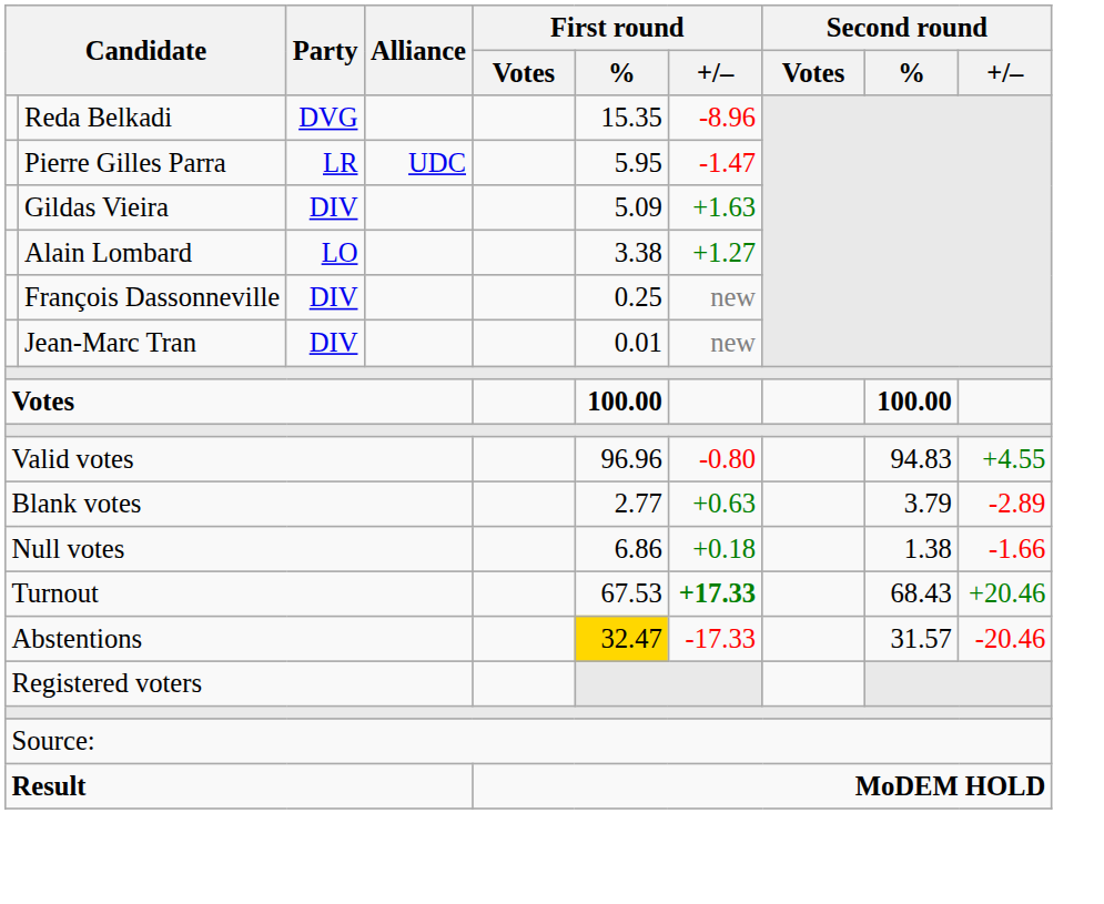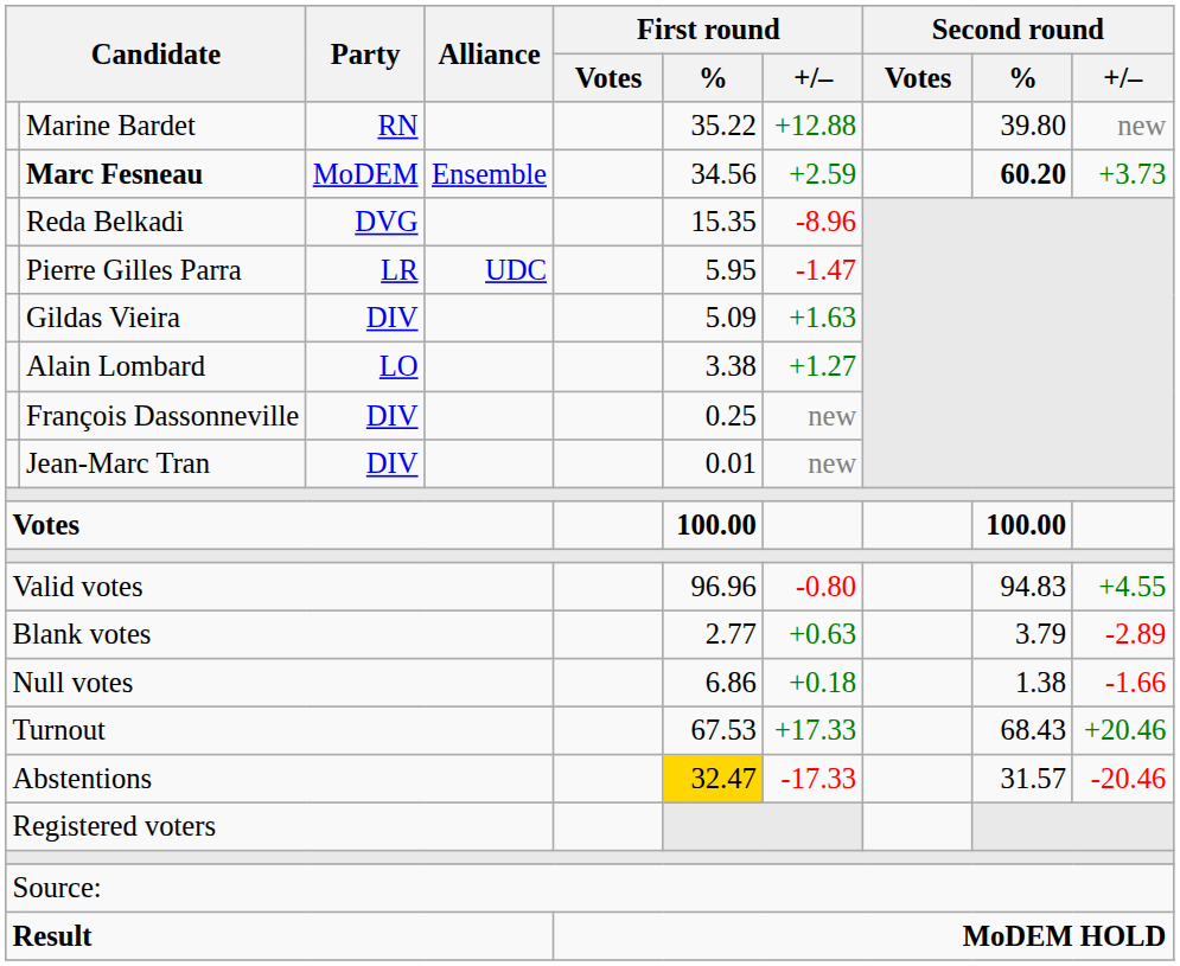 <table class="wikitable" style="text-align:right;font-size:95%;">
 <tr>
 <th rowspan="2" colspan="2">Candidate</th>
 <th colspan="1" rowspan="2">Party</th>
 <th colspan="1" rowspan="2">Alliance</th>
 <th colspan="3">First round</th>
 <th colspan="3">Second round</th>
 </tr>
 <tr>
 <th style="width:50px;">Votes</th>
 <th style="width:45px;">%</th>
 <th style="width:45px;">+/–</th>
 <th style="width:50px;">Votes</th>
 <th style="width:45px;">%</th>
 <th style="width:45px;">+/–</th>
+</tr>
+<tr>
+<td style="color:inherit;background:"></td>
+<td style="text-align:left;">Marine Bardet</td>
+<td><a href='#'>RN</a></td>
+<td></td>
+<td></td>
+<td>35.22</td>
+<td style="color:green;">+12.88</td>
+<td></td>
+<td>39.80</td>
+<td style="color:grey;">new</td>
+</tr>
+<tr>
+<td style="color:inherit;background:"></td>
+<td style="text-align:left;"><strong>Marc Fesneau</strong></td>
+<td><a href='#'>MoDEM</a></td>
+<td><a href='#'>Ensemble</a></td>
+<td></td>
+<td>34.56</td>
+<td style="color:green;">+2.59</td>
+<td><strong></strong></td>
+<td><strong>60.20</strong></td>
+<td style="color:green;">+3.73</td>
 </tr>
 <tr>
 <td style="color:inherit;background:"></td>
 <td style="text-align:left;">Reda Belkadi</td>
 <td><a href='#'>DVG</a></td>
 <td></td>
 <td></td>
 <td>15.35</td>
 <td style="color:red;">-8.96</td>
 <td colspan="3" rowspan="6" style="background:#E9E9E9;"></td>
 </tr>
 <tr>
 <td style="color:inherit;background:"></td>
 <td style="text-align:left;">Pierre Gilles Parra</td>
 <td><a href='#'>LR</a></td>
 <td><a href='#'>UDC</a></td>
 <td></td>
 <td>5.95</td>
 <td style="color:red;">-1.47</td>
 </tr>
 <tr>
 <td style="color:inherit;background:"></td>
 <td style="text-align:left;">Gildas Vieira</td>
 <td><a href='#'>DIV</a></td>
 <td></td>
 <td></td>
 <td>5.09</td>
 <td style="color:green;">+1.63</td>
 </tr>
 <tr>
 <td style="color:inherit;background:"></td>
 <td style="text-align:left;">Alain Lombard</td>
 <td><a href='#'>LO</a></td>
 <td></td>
 <td></td>
 <td>3.38</td>
 <td style="color:green;">+1.27</td>
 </tr>
 <tr>
 <td style="color:inherit;background:"></td>
 <td style="text-align:left;">François Dassonneville</td>
 <td><a href='#'>DIV</a></td>
 <td></td>
 <td></td>
 <td>0.25</td>
 <td style="color:grey;">new</td>
 </tr>
 <tr>
 <td style="color:inherit;background:"></td>
 <td style="text-align:left;">Jean-Marc Tran</td>
 <td><a href='#'>DIV</a></td>
 <td></td>
 <td></td>
 <td>0.01</td>
 <td style="color:grey;">new</td>
 </tr>
 <tr>
 <td colspan="10" style="background:#E9E9E9;"></td>
 </tr>
 <tr style="font-weight:bold;">
 <td colspan="4" style="text-align:left;">Votes</td>
 <td></td>
 <td>100.00</td>
 <td></td>
 <td></td>
 <td>100.00</td>
 <td></td>
 </tr>
 <tr>
 <td colspan="10" style="background:#E9E9E9;"></td>
 </tr>
 <tr>
 <td colspan="4" style="text-align:left;">Valid votes</td>
 <td></td>
 <td>96.96</td>
 <td style="color:red;">-0.80</td>
 <td></td>
 <td>94.83</td>
 <td style="color:green;">+4.55</td>
 </tr>
 <tr>
 <td colspan="4" style="text-align:left;">Blank votes</td>
 <td></td>
 <td>2.77</td>
 <td style="color:green;">+0.63</td>
 <td></td>
 <td>3.79</td>
 <td style="color:red;">-2.89</td>
 </tr>
 <tr>
 <td colspan="4" style="text-align:left;">Null votes</td>
 <td></td>
 <td>6.86</td>
 <td style="color:green;">+0.18</td>
 <td></td>
 <td>1.38</td>
 <td style="color:red;">-1.66</td>
 </tr>
 <tr>
 <td colspan="4" style="text-align:left;">Turnout</td>
 <td></td>
 <td>67.53</td>
-<td style="color:green;"><strong>+17.33</strong></td>
+<td style="color:green;">+17.33</td>
 <td></td>
 <td>68.43</td>
 <td style="color:green;">+20.46</td>
 </tr>
 <tr>
 <td colspan="4" style="text-align:left;">Abstentions</td>
 <td></td>
 <td style="background: gold;">32.47</td>
 <td style="color:red;">-17.33</td>
 <td></td>
 <td>31.57</td>
 <td style="color:red;">-20.46</td>
 </tr>
 <tr>
 <td colspan="4" style="text-align:left;">Registered voters</td>
 <td></td>
 <td colspan="2" style="background:#E9E9E9;"></td>
 <td></td>
 <td colspan="2" style="background:#E9E9E9;"></td>
 </tr>
 <tr>
 <td colspan="10" style="background:#E9E9E9;"></td>
 </tr>
 <tr>
 <td colspan="10" style="text-align:left;">Source: </td>
 </tr>
 <tr style="font-weight:bold">
 <td colspan="4" style="text-align:left;">Result</td>
 <td colspan="6" style="background-color:">MoDEM HOLD</td>
 </tr>
 </table>
